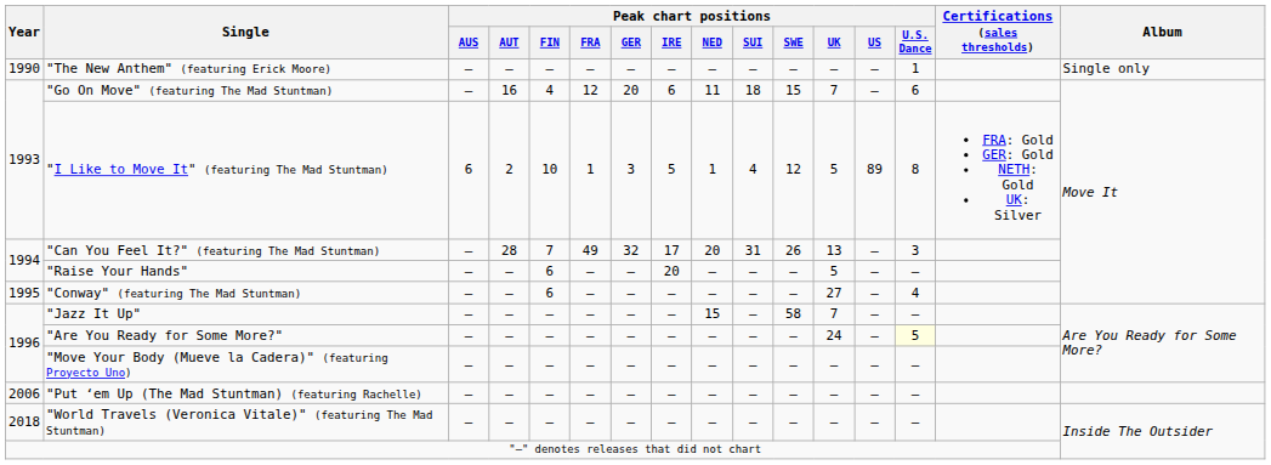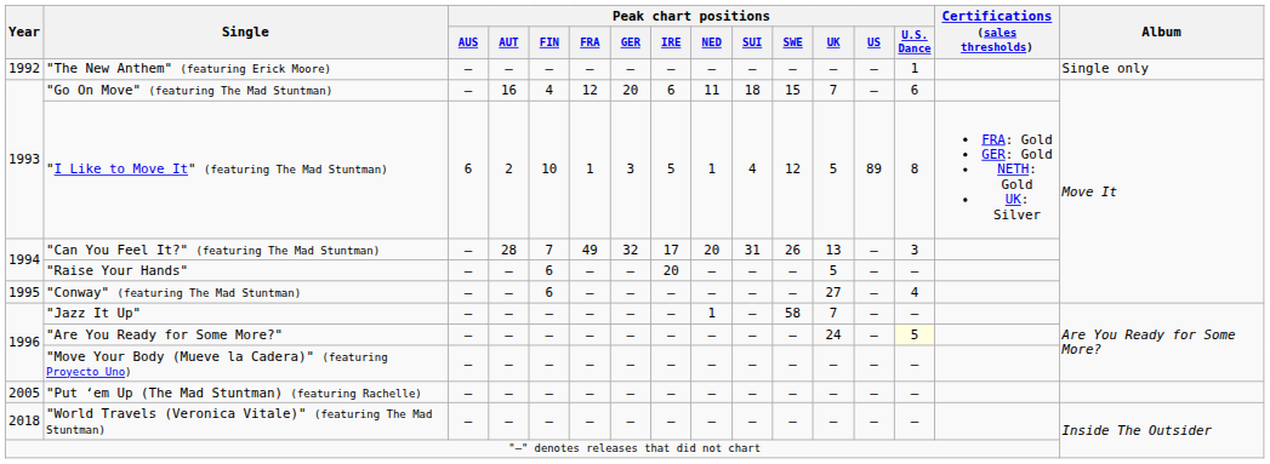 <table class="wikitable" style="text-align:center;">
 <tr>
 <th rowspan="2">Year</th>
 <th rowspan="2">Single</th>
 <th colspan="12">Peak chart positions</th>
 <th rowspan="2"><a href='#'>Certifications</a><br><small>(<a href='#'>sales thresholds</a>)</small></th>
 <th rowspan="2">Album</th>
 </tr>
 <tr style="font-size:smaller;">
 <th style="width:35px;"><a href='#'>AUS</a><br></th>
 <th style="width:35px;"><a href='#'>AUT</a><br></th>
 <th style="width:35px;"><a href='#'>FIN</a><br></th>
 <th style="width:35px;"><a href='#'>FRA</a><br></th>
 <th style="width:35px;"><a href='#'>GER</a><br></th>
 <th style="width:35px;"><a href='#'>IRE</a><br></th>
 <th style="width:35px;"><a href='#'>NED</a><br></th>
 <th style="width:35px;"><a href='#'>SUI</a><br></th>
 <th style="width:35px;"><a href='#'>SWE</a><br></th>
 <th style="width:35px;"><a href='#'>UK</a><br></th>
 <th style="width:35px;"><a href='#'>US</a><br></th>
 <th style="width:35px;"><a href='#'>U.S.<br>Dance</a><br></th>
 </tr>
 <tr>
-<td>1990</td>
+<td>1992</td>
 <td style="text-align:left;">"The New Anthem" <small>(featuring Erick Moore)</small></td>
 <td>—</td>
 <td>—</td>
 <td>—</td>
 <td>—</td>
 <td>—</td>
 <td>—</td>
 <td>—</td>
 <td>—</td>
 <td>—</td>
 <td>—</td>
 <td>—</td>
 <td>1</td>
 <td></td>
 <td style="text-align:left;">Single only</td>
 </tr>
 <tr>
 <td rowspan=2>1993</td>
 <td style="text-align:left;">"Go On Move" <small>(featuring The Mad Stuntman)</small></td>
 <td>—</td>
 <td>16</td>
 <td>4</td>
 <td>12</td>
 <td>20</td>
 <td>6</td>
 <td>11</td>
 <td>18</td>
 <td>15</td>
 <td>7</td>
 <td>—</td>
 <td>6</td>
 <td></td>
 <td style="text-align:left;" rowspan="5"><em>Move It</em></td>
 </tr>
 <tr>
 <td style="text-align:left;">"<a href='#'>I Like to Move It</a>" <small>(featuring The Mad Stuntman)</small></td>
 <td>6</td>
 <td>2</td>
 <td>10</td>
 <td>1</td>
 <td>3</td>
 <td>5</td>
 <td>1</td>
 <td>4</td>
 <td>12</td>
 <td>5</td>
 <td>89</td>
 <td>8</td>
 <td><br><ul><li><a href='#'>FRA</a>: Gold</li><li><a href='#'>GER</a>: Gold</li><li><a href='#'>NETH</a>: Gold</li><li><a href='#'>UK</a>: Silver</li></ul></td>
 </tr>
 <tr>
 <td rowspan=2>1994</td>
 <td style="text-align:left;">"Can You Feel It?" <small>(featuring The Mad Stuntman)</small></td>
 <td>—</td>
 <td>28</td>
 <td>7</td>
 <td>49</td>
 <td>32</td>
 <td>17</td>
 <td>20</td>
 <td>31</td>
 <td>26</td>
 <td>13</td>
 <td>—</td>
 <td>3</td>
 <td></td>
 </tr>
 <tr>
 <td style="text-align:left;">"Raise Your Hands"</td>
 <td>—</td>
 <td>—</td>
 <td>6</td>
 <td>—</td>
 <td>—</td>
 <td>20</td>
 <td>—</td>
 <td>—</td>
 <td>—</td>
 <td>5</td>
 <td>—</td>
 <td>—</td>
 <td></td>
 </tr>
 <tr>
 <td>1995</td>
 <td style="text-align:left;">"Conway" <small>(featuring The Mad Stuntman)</small></td>
 <td>—</td>
 <td>—</td>
 <td>6</td>
 <td>—</td>
 <td>—</td>
 <td>—</td>
 <td>—</td>
 <td>—</td>
 <td>—</td>
 <td>27</td>
 <td>—</td>
 <td>4</td>
 <td></td>
 </tr>
 <tr>
 <td rowspan=3>1996</td>
 <td style="text-align:left;">"Jazz It Up"</td>
 <td>—</td>
 <td>—</td>
 <td>—</td>
 <td>—</td>
 <td>—</td>
 <td>—</td>
-<td>15</td>
+<td>1</td>
 <td>—</td>
 <td>58</td>
 <td>7</td>
 <td>—</td>
 <td>—</td>
 <td></td>
 <td style="text-align:left;" rowspan="3"><em>Are You Ready for Some More?</em></td>
 </tr>
 <tr>
 <td style="text-align:left;">"Are You Ready for Some More?"</td>
 <td>—</td>
 <td>—</td>
 <td>—</td>
 <td>—</td>
 <td>—</td>
 <td>—</td>
 <td>—</td>
 <td>—</td>
 <td>—</td>
 <td>24</td>
 <td>—</td>
 <td style="background: lightyellow;">5</td>
 <td></td>
 </tr>
 <tr>
 <td style="text-align:left;">"Move Your Body (Mueve la Cadera)" <small>(featuring <a href='#'>Proyecto Uno</a>)</small></td>
 <td>—</td>
 <td>—</td>
 <td>—</td>
 <td>—</td>
 <td>—</td>
 <td>—</td>
 <td>—</td>
 <td>—</td>
 <td>—</td>
 <td>—</td>
 <td>—</td>
 <td>—</td>
 <td></td>
 </tr>
 <tr>
-<td>2006</td>
+<td>2005</td>
 <td style="text-align:left;”">"Put ‘em Up (The Mad Stuntman) <small> (featuring Rachelle) </small></td>
 <td>—</td>
 <td>—</td>
 <td>—</td>
 <td>—</td>
 <td>—</td>
 <td>—</td>
 <td>—</td>
 <td>—</td>
 <td>—</td>
 <td>—</td>
 <td>—</td>
 <td>—</td>
 <td></td>
 </tr>
 <tr>
 <td>2018</td>
 <td style="text-align:left;">"World Travels (Veronica Vitale)" <small>(featuring The Mad Stuntman)</small></td>
 <td>—</td>
 <td>—</td>
 <td>—</td>
 <td>—</td>
 <td>—</td>
 <td>—</td>
 <td>—</td>
 <td>—</td>
 <td>—</td>
 <td>—</td>
 <td>—</td>
 <td>—</td>
 <td></td>
 <td style="text-align:left;" rowspan="5"><em>Inside The Outsider</em></td>
 </tr>
 <tr>
 <td colspan="16" style="font-size:8pt">"—" denotes releases that did not chart</td>
 </tr>
 </table>
